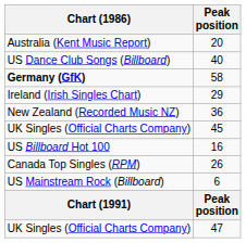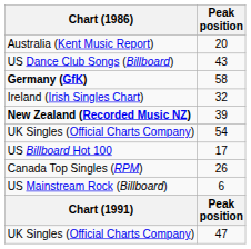 <table class="wikitable">
 <tr>
 <th>Chart (1986)</th>
 <th>Peak<br>position</th>
 </tr>
 <tr>
 <td align="left">Australia (<a href='#'>Kent Music Report</a>)</td>
 <td align="center">20</td>
 </tr>
 <tr>
 <td>US <a href='#'>Dance Club Songs</a> (<a href='#'><em>Billboard</em></a>)</td>
-<td style="text-align:center;">40</td>
+<td style="text-align:center;">43</td>
 </tr>
 <tr>
 <td><strong>Germany (<a href='#'>GfK</a>)</strong></td>
 <td align="center">58</td>
 </tr>
 <tr>
 <td>Ireland (<a href='#'>Irish Singles Chart</a>)</td>
-<td align="center">29</td>
+<td align="center">32</td>
 </tr>
 <tr>
-<td>New Zealand (<a href='#'>Recorded Music NZ</a>)</td>
-<td align="center">36</td>
+<td><strong>New Zealand (<a href='#'>Recorded Music NZ</a>)</strong></td>
+<td align="center">39</td>
 </tr>
 <tr>
 <td>UK Singles (<a href='#'>Official Charts Company</a>)</td>
-<td align="center">45</td>
+<td align="center">54</td>
 </tr>
 <tr>
 <td>US <a href='#'><em>Billboard</em> Hot 100</a></td>
-<td align="center">16</td>
+<td align="center">17</td>
 </tr>
 <tr>
 <td>Canada Top Singles (<a href='#'><em>RPM</em></a>)</td>
 <td align="center">26</td>
 </tr>
 <tr>
 <td>US <a href='#'>Mainstream Rock</a> (<em>Billboard</em>)</td>
 <td align="center">6</td>
 </tr>
 <tr>
 <th>Chart (1991)</th>
 <th>Peak<br>position</th>
 </tr>
 <tr>
 <td>UK Singles (<a href='#'>Official Charts Company</a>)</td>
 <td align="center">47</td>
 </tr>
 </table>
